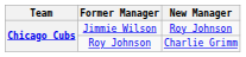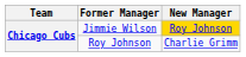 <table class="wikitable plainrowheaders" style="text-align:center;">
 <tr>
 <th>Team</th>
 <th>Former Manager</th>
 <th>New Manager</th>
 </tr>
 <tr>
 <th rowspan="2" scope="row" style="text-align:center;"><a href='#'>Chicago Cubs</a></th>
 <td><a href='#'>Jimmie Wilson</a></td>
-<td><a href='#'>Roy Johnson</a></td>
+<td style="background: gold;"><a href='#'>Roy Johnson</a></td>
 </tr>
 <tr>
 <td><a href='#'>Roy Johnson</a></td>
 <td><a href='#'>Charlie Grimm</a></td>
 </tr>
 </table>
